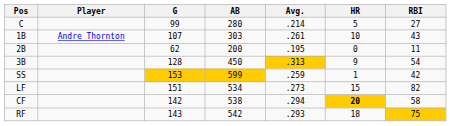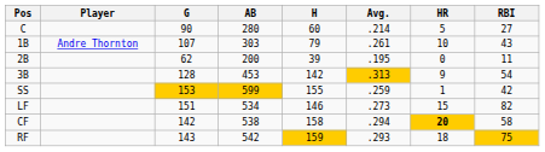 <table class="wikitable sortable">
 <tr>
 <th bgcolor="#DDDDFF" width="5%">Pos</th>
 <th bgcolor="#DDDDFF" width="16%">Player</th>
 <th bgcolor="#DDDDFF" width="9%">G</th>
 <th bgcolor="#DDDDFF" width="9%">AB</th>
+<th bgcolor="#DDDDFF" width="9%">H</th>
 <th bgcolor="#DDDDFF" width="9%">Avg.</th>
 <th bgcolor="#DDDDFF" width="9%">HR</th>
 <th bgcolor="#DDDDFF" width="9%">RBI</th>
 </tr>
 <tr align="center">
 <td>C</td>
 <td></td>
-<td>99</td>
+<td>90</td>
 <td>280</td>
+<td>60</td>
 <td>.214</td>
 <td>5</td>
 <td>27</td>
 </tr>
 <tr align="center">
 <td>1B</td>
 <td><a href='#'>Andre Thornton</a></td>
 <td>107</td>
 <td>303</td>
+<td>79</td>
 <td>.261</td>
 <td>10</td>
 <td>43</td>
 </tr>
 <tr align=center>
 <td>2B</td>
 <td></td>
 <td>62</td>
 <td>200</td>
+<td>39</td>
 <td>.195</td>
 <td>0</td>
 <td>11</td>
 </tr>
 <tr align="center">
 <td>3B</td>
 <td></td>
 <td>128</td>
-<td>450</td>
+<td>453</td>
+<td>142</td>
 <td style="background:#fc0;">.313</td>
 <td>9</td>
 <td>54</td>
 </tr>
 <tr align="center">
 <td>SS</td>
 <td></td>
 <td style="background:#fc0;">153</td>
 <td style="background:#fc0;">599</td>
+<td>155</td>
 <td>.259</td>
 <td>1</td>
 <td>42</td>
 </tr>
 <tr align="center">
 <td>LF</td>
 <td></td>
 <td>151</td>
 <td>534</td>
+<td>146</td>
 <td>.273</td>
 <td>15</td>
 <td>82</td>
 </tr>
 <tr align="center">
 <td>CF</td>
 <td></td>
 <td>142</td>
 <td>538</td>
+<td>158</td>
 <td>.294</td>
 <td style="background:#fc0;"><strong>20</strong></td>
 <td>58</td>
 </tr>
 <tr align="center">
 <td>RF</td>
 <td></td>
 <td>143</td>
 <td>542</td>
+<td style="background:#fc0;">159</td>
 <td>.293</td>
 <td>18</td>
 <td style="background:#fc0;">75</td>
 </tr>
 </table>
